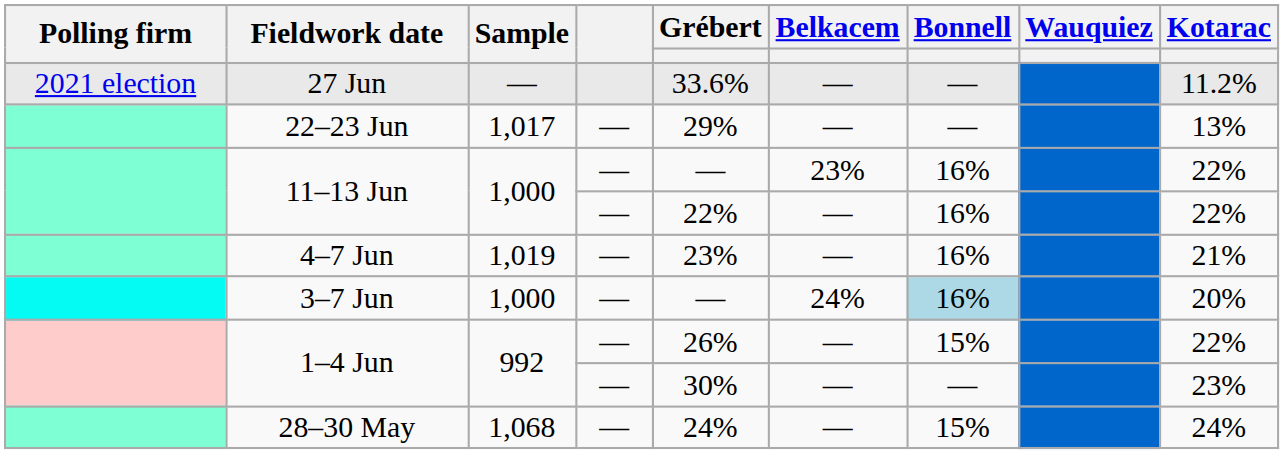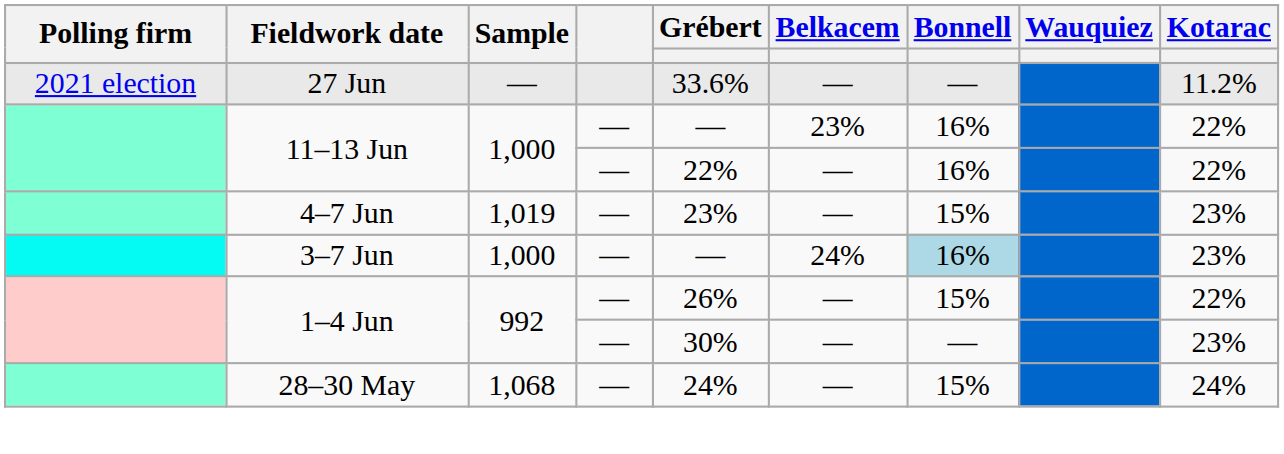 <table class="wikitable" style="text-align:center;font-size:90%;line-height:14px;">
 <tr>
 <th rowspan="2" style="width:100px;">Polling firm</th>
 <th rowspan="2" style="width:110px;">Fieldwork date</th>
 <th rowspan="2" style="width:35px;">Sample</th>
 <th rowspan="2" style="width:30px;"></th>
 <th>Grébert<br></th>
 <th><a href='#'>Belkacem</a><br></th>
 <th><a href='#'>Bonnell</a><br></th>
 <th><a href='#'>Wauquiez</a><br></th>
 <th><a href='#'>Kotarac</a><br></th>
 </tr>
 <tr>
 <th style="background:"></th>
 <th style="background:"></th>
 <th style="background:"></th>
 <th style="background:"></th>
 <th style="background:"></th>
 </tr>
 <tr style="background:#E9E9E9;">
 <td><a href='#'>2021 election</a></td>
 <td data-sort-value="2021-06-27">27 Jun</td>
 <td>—</td>
 <td></td>
 <td>33.6%</td>
 <td>—</td>
 <td>—</td>
 <td style="background:#0066CC;"><strong></strong></td>
 <td>11.2%</td>
 </tr>
 <tr>
-<td style="background:aquamarine;"></td>
-<td>22–23 Jun</td>
-<td>1,017</td>
-<td>—</td>
-<td>29%</td>
-<td>—</td>
-<td>—</td>
-<td style="background:#0066CC;"><strong></strong></td>
-<td>13%</td>
-</tr>
-<tr>
 <td rowspan=2 style="background:aquamarine;"></td>
 <td rowspan=2>11–13 Jun</td>
 <td rowspan=2>1,000</td>
 <td>—</td>
 <td>—</td>
 <td>23%</td>
 <td>16%</td>
 <td style="background:#0066CC;"><strong></strong></td>
 <td>22%</td>
 </tr>
 <tr>
 <td>—</td>
 <td>22%</td>
 <td>—</td>
 <td>16%</td>
 <td style="background:#0066CC;"><strong></strong></td>
 <td>22%</td>
 </tr>
 <tr>
 <td style="background:aquamarine;"></td>
 <td>4–7 Jun</td>
 <td>1,019</td>
 <td>—</td>
 <td>23%</td>
 <td>—</td>
-<td>16%</td>
+<td>15%</td>
 <td style="background:#0066CC;"><strong></strong></td>
-<td>21%</td>
+<td>23%</td>
 </tr>
 <tr>
 <td style="background:#04FBF4;"></td>
 <td>3–7 Jun</td>
 <td>1,000</td>
 <td>—</td>
 <td>—</td>
 <td>24%</td>
 <td style="background: lightblue;">16%</td>
 <td style="background:#0066CC;"><strong></strong></td>
-<td>20%</td>
+<td>23%</td>
 </tr>
 <tr>
 <td rowspan=2 style="background:#FFCCCC;"></td>
 <td rowspan=2>1–4 Jun</td>
 <td rowspan=2>992</td>
 <td>—</td>
 <td>26%</td>
 <td>—</td>
 <td>15%</td>
 <td style="background:#0066CC;"><strong></strong></td>
 <td>22%</td>
 </tr>
 <tr>
 <td>—</td>
 <td>30%</td>
 <td>—</td>
 <td>—</td>
 <td style="background:#0066CC;"><strong></strong></td>
 <td>23%</td>
 </tr>
 <tr>
 <td style="background:aquamarine;"></td>
 <td>28–30 May</td>
 <td>1,068</td>
 <td>—</td>
 <td>24%</td>
 <td>—</td>
 <td>15%</td>
 <td style="background:#0066CC;"><strong></strong></td>
 <td>24%</td>
 </tr>
 </table>
